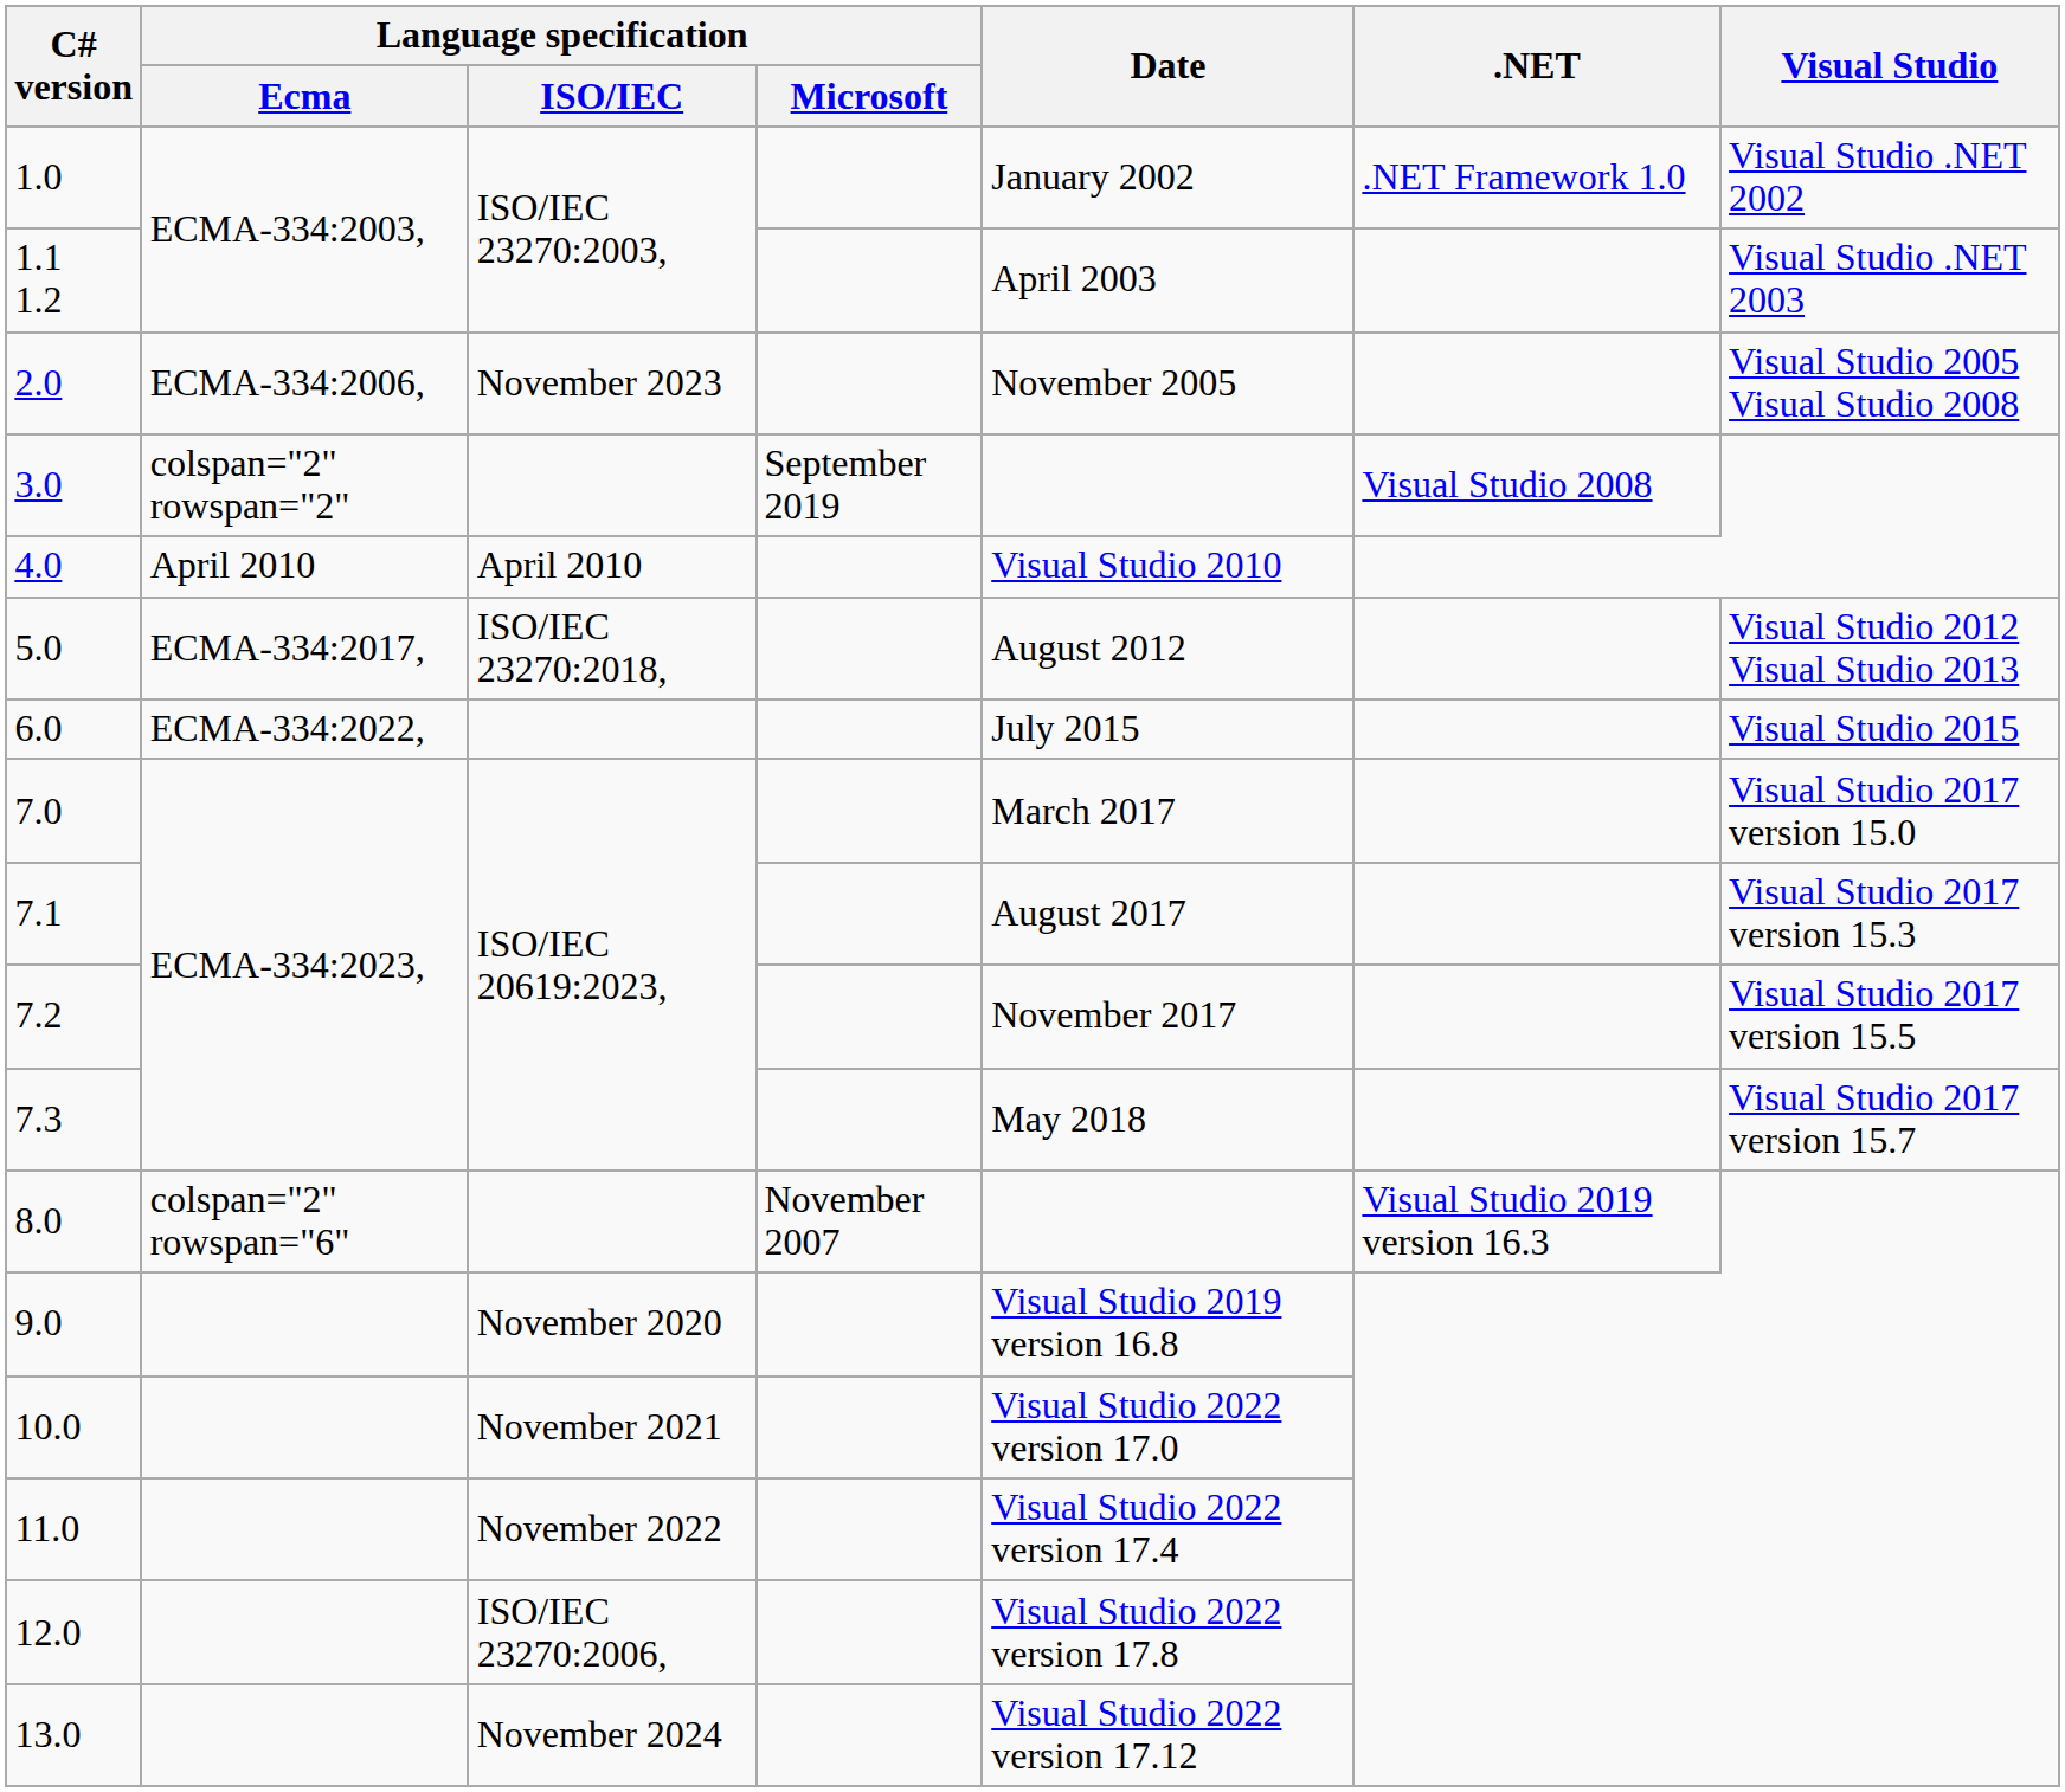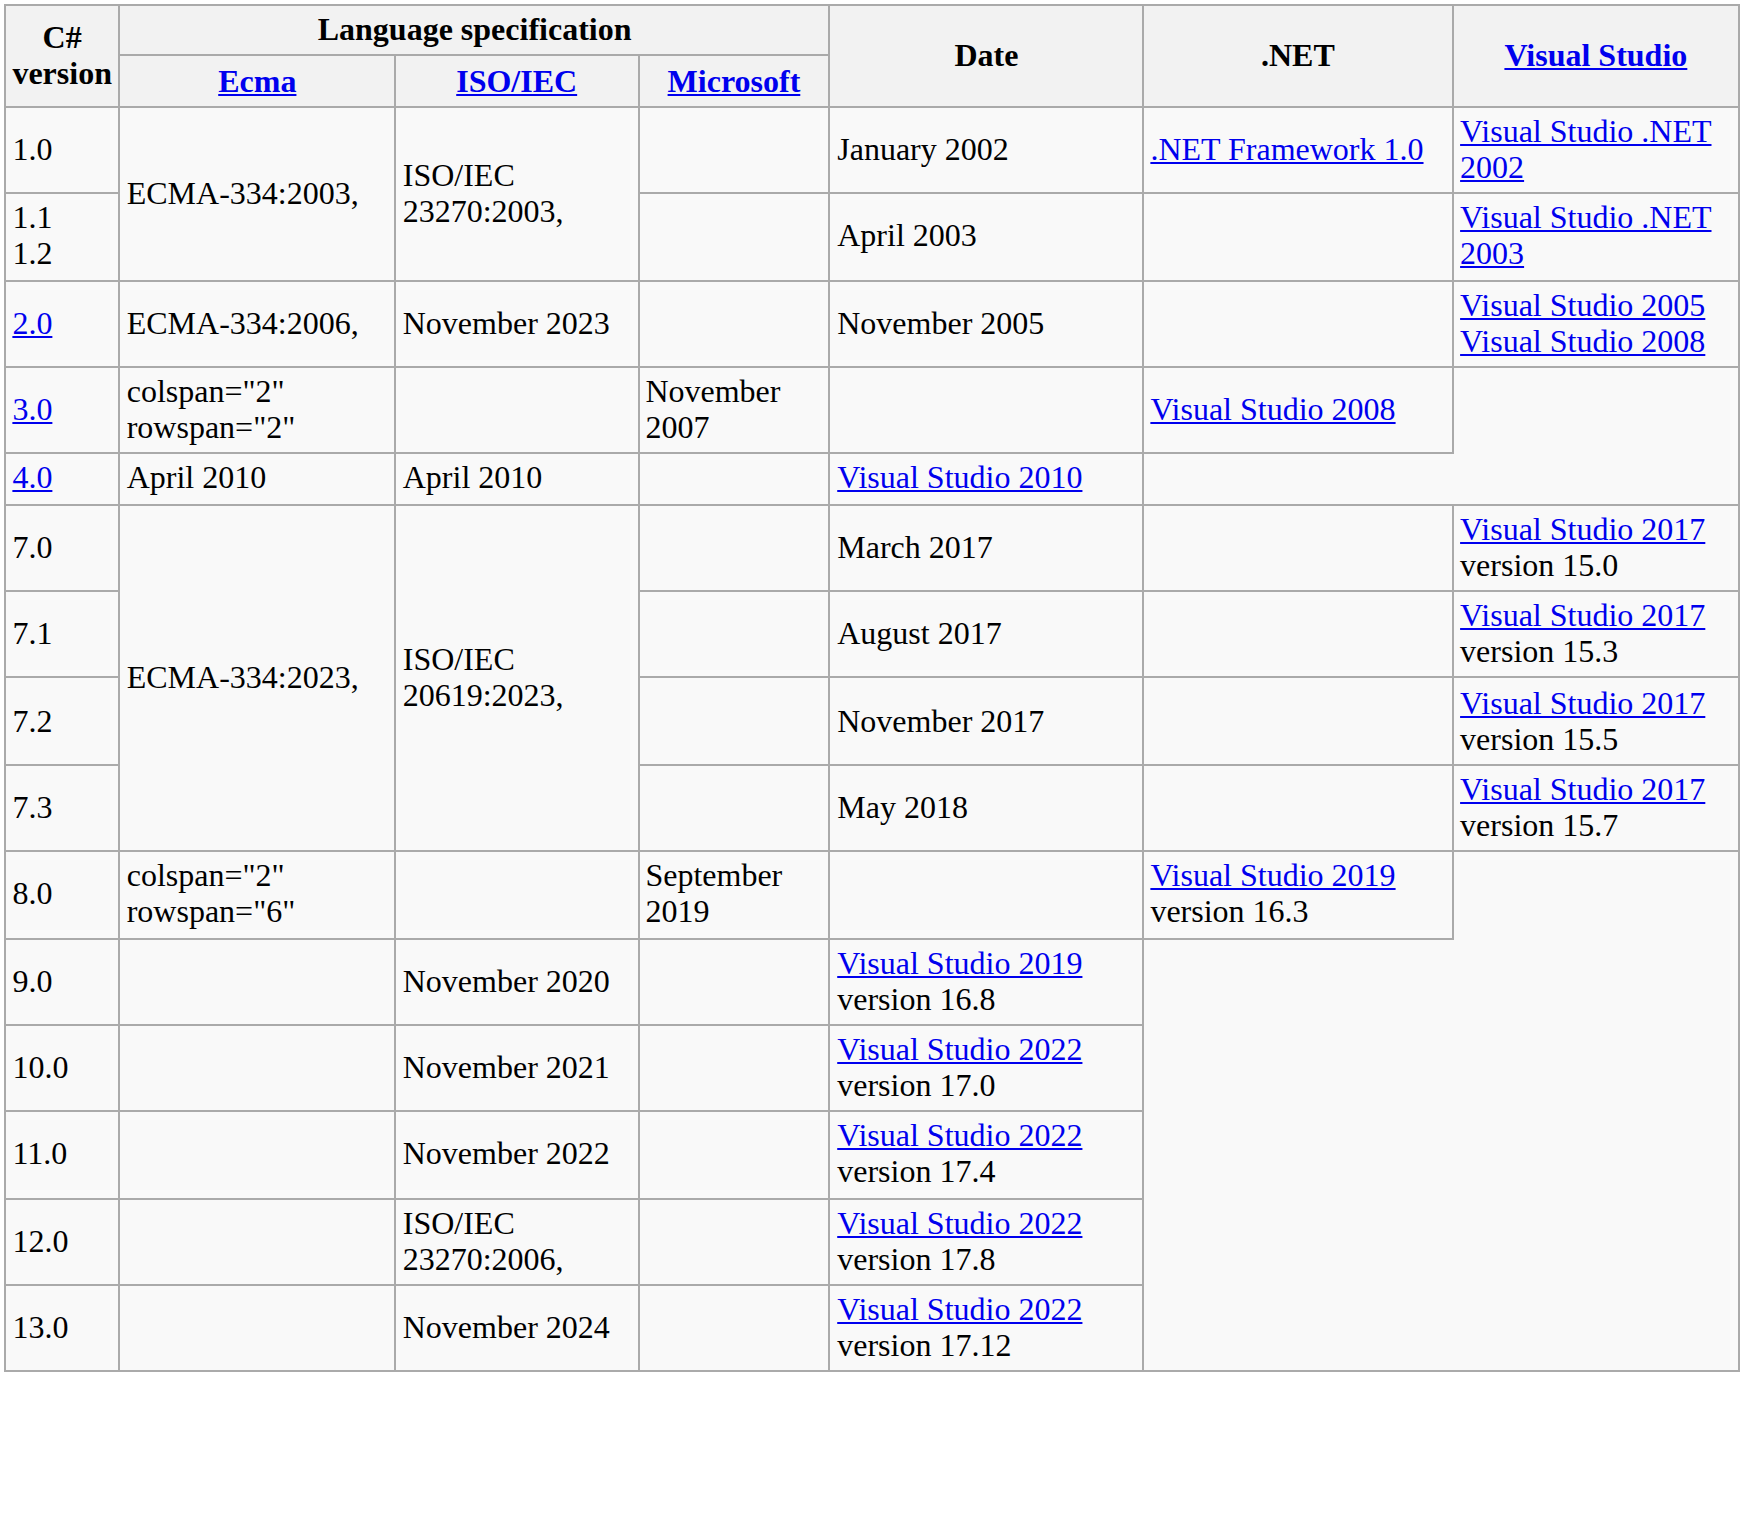 <table class="wikitable">
 <tr>
 <th scope="col" rowspan="2">C#<br>version</th>
 <th scope="colgroup" colspan="3">Language specification</th>
 <th scope="col" rowspan="2">Date</th>
 <th scope="col" rowspan="2">.NET</th>
 <th scope="col" rowspan="2"><a href='#'>Visual Studio</a></th>
 </tr>
 <tr>
 <th scope="col"><a href='#'>Ecma</a></th>
 <th scope="col"><a href='#'>ISO/IEC</a></th>
 <th scope="col"><a href='#'>Microsoft</a></th>
 </tr>
 <tr>
 <td scope="row">1.0</td>
 <td rowspan="2">ECMA-334:2003, </td>
 <td rowspan="2">ISO/IEC 23270:2003, </td>
 <td></td>
 <td>January 2002</td>
 <td><a href='#'>.NET Framework 1.0</a></td>
 <td><a href='#'>Visual Studio .NET 2002</a></td>
 </tr>
 <tr>
 <td scope="row">1.1<br>1.2</td>
 <td></td>
 <td>April 2003</td>
 <td></td>
 <td><a href='#'>Visual Studio .NET 2003</a></td>
 </tr>
 <tr>
 <td scope="row"><a href='#'>2.0</a></td>
 <td>ECMA-334:2006, </td>
 <td>November 2023</td>
 <td></td>
 <td>November 2005</td>
 <td></td>
 <td><a href='#'>Visual Studio 2005</a><br><a href='#'>Visual Studio 2008</a></td>
 </tr>
 <tr>
 <td scope="row"><a href='#'>3.0</a></td>
 <td>colspan="2" rowspan="2" </td>
 <td></td>
-<td>September 2019</td>
+<td>November 2007</td>
 <td></td>
 <td><a href='#'>Visual Studio 2008</a></td>
 </tr>
 <tr>
 <td scope="row"><a href='#'>4.0</a></td>
 <td>April 2010</td>
 <td>April 2010</td>
 <td></td>
 <td><a href='#'>Visual Studio 2010</a></td>
-</tr>
-<tr>
-<td scope="row">5.0</td>
-<td>ECMA-334:2017, </td>
-<td>ISO/IEC 23270:2018, </td>
-<td></td>
-<td>August 2012</td>
-<td></td>
-<td><a href='#'>Visual Studio 2012</a><br><a href='#'>Visual Studio 2013</a></td>
-</tr>
-<tr>
-<td scope="row">6.0</td>
-<td>ECMA-334:2022, </td>
-<td></td>
-<td></td>
-<td>July 2015</td>
-<td></td>
-<td><a href='#'>Visual Studio 2015</a></td>
 </tr>
 <tr>
 <td scope="row">7.0</td>
 <td rowspan=4>ECMA-334:2023, </td>
 <td rowspan=4>ISO/IEC 20619:2023, </td>
 <td></td>
 <td>March 2017</td>
 <td></td>
 <td><a href='#'>Visual Studio 2017</a> version 15.0</td>
 </tr>
 <tr>
 <td scope="row">7.1</td>
 <td></td>
 <td>August 2017</td>
 <td></td>
 <td><a href='#'>Visual Studio 2017</a> version 15.3</td>
 </tr>
 <tr>
 <td scope="row">7.2</td>
 <td></td>
 <td>November 2017</td>
 <td></td>
 <td><a href='#'>Visual Studio 2017</a> version 15.5</td>
 </tr>
 <tr>
 <td scope="row">7.3</td>
 <td> </td>
 <td>May 2018</td>
 <td></td>
 <td><a href='#'>Visual Studio 2017</a> version 15.7</td>
 </tr>
 <tr>
 <td scope="row">8.0</td>
 <td>colspan="2" rowspan="6" </td>
 <td></td>
-<td>November 2007</td>
+<td>September 2019</td>
 <td></td>
 <td><a href='#'>Visual Studio 2019</a> version 16.3</td>
 </tr>
 <tr>
 <td scope="row">9.0</td>
 <td></td>
 <td>November 2020</td>
 <td></td>
 <td><a href='#'>Visual Studio 2019</a> version 16.8</td>
 </tr>
 <tr>
 <td scope="row">10.0</td>
 <td></td>
 <td>November 2021</td>
 <td></td>
 <td><a href='#'>Visual Studio 2022</a> version 17.0</td>
 </tr>
 <tr>
 <td scope="row">11.0</td>
 <td></td>
 <td>November 2022</td>
 <td></td>
 <td><a href='#'>Visual Studio 2022</a> version 17.4</td>
 </tr>
 <tr>
 <td scope="row">12.0</td>
 <td></td>
 <td>ISO/IEC 23270:2006, </td>
 <td></td>
 <td><a href='#'>Visual Studio 2022</a> version 17.8</td>
 </tr>
 <tr>
 <td scope="row">13.0</td>
 <td></td>
 <td>November 2024</td>
 <td></td>
 <td><a href='#'>Visual Studio 2022</a> version 17.12</td>
 </tr>
 </table>
